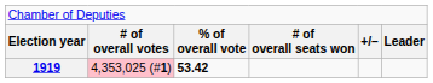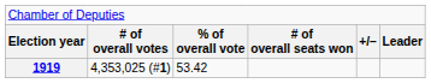 <table class=wikitable>
 <tr>
 <td colspan=6><a href='#'>Chamber of Deputies</a></td>
 </tr>
 <tr>
 <th>Election year</th>
 <th># of<br>overall votes</th>
 <th>% of<br>overall vote</th>
 <th># of<br>overall seats won</th>
 <th>+/–</th>
 <th>Leader</th>
 </tr>
 <tr>
 <th><a href='#'>1919</a></th>
-<td style="background: pink;">4,353,025 (#<strong>1</strong>)</td>
-<td><strong>53.42</strong></td>
+<td>4,353,025 (#<strong>1</strong>)</td>
+<td>53.42</td>
 <td></td>
 <td></td>
 <td></td>
 </tr>
 </table>
